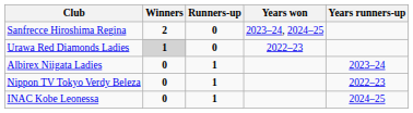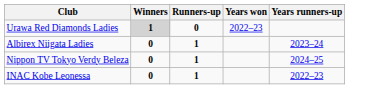 <table class="sortable wikitable" style="font-size:smaller">
 <tr>
 <th class="unsortable">Club</th>
 <th>Winners</th>
 <th>Runners-up</th>
 <th>Years won</th>
 <th>Years runners-up</th>
-</tr>
-<tr>
-<td><a href='#'>Sanfrecce Hiroshima Regina</a></td>
-<td style="text-align:center"><strong>2</strong></td>
-<td style="text-align:center"><strong>0</strong></td>
-<td style="text-align:center"><a href='#'>2023–24</a>, <a href='#'>2024–25</a></td>
-<td align="center"></td>
 </tr>
 <tr>
 <td><a href='#'>Urawa Red Diamonds Ladies</a></td>
 <td style="background: lightgrey; text-align:center"><strong>1</strong></td>
 <td style="text-align:center"><strong>0</strong></td>
 <td style="text-align:center"><a href='#'>2022–23</a></td>
 <td style="text-align:center"></td>
 </tr>
 <tr>
 <td><a href='#'>Albirex Niigata Ladies</a></td>
 <td style="text-align:center"><strong>0</strong></td>
 <td style="text-align:center"><strong>1</strong></td>
 <td style="text-align:center"></td>
 <td style="text-align:center"><a href='#'>2023–24</a></td>
 </tr>
 <tr>
 <td><a href='#'>Nippon TV Tokyo Verdy Beleza</a></td>
 <td style="text-align:center"><strong>0</strong></td>
 <td style="text-align:center"><strong>1</strong></td>
 <td style="text-align:center"></td>
-<td style="text-align:center"><a href='#'>2022–23</a></td>
+<td style="text-align:center"><a href='#'>2024–25</a></td>
 </tr>
 <tr>
 <td><a href='#'>INAC Kobe Leonessa</a></td>
 <td style="text-align:center"><strong>0</strong></td>
 <td style="text-align:center"><strong>1</strong></td>
 <td style="text-align:center"></td>
-<td style="text-align:center"><a href='#'>2024–25</a></td>
+<td style="text-align:center"><a href='#'>2022–23</a></td>
 </tr>
 </table>
